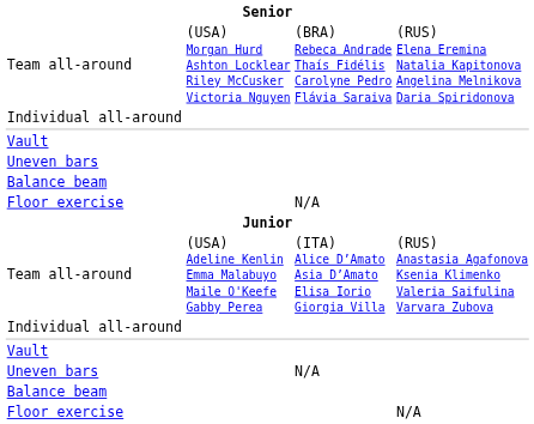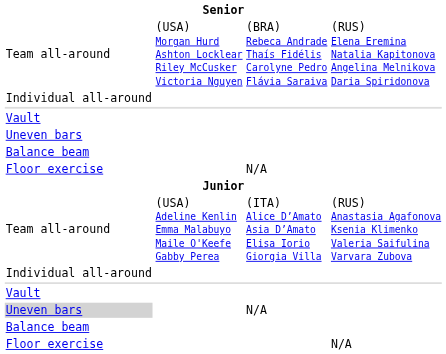 <table>
 <tr>
 <th colspan="4">Senior</th>
 </tr>
 <tr>
 <td>Team all-around</td>
 <td> (USA) <br><small><a href='#'>Morgan Hurd</a><br><a href='#'>Ashton Locklear</a><br><a href='#'>Riley McCusker</a><br><a href='#'>Victoria Nguyen</a></small></td>
 <td> (BRA) <br><small><a href='#'>Rebeca Andrade</a><br><a href='#'>Thaís Fidélis</a><br><a href='#'>Carolyne Pedro</a><br><a href='#'>Flávia Saraiva</a></small></td>
 <td> (RUS) <br><small><a href='#'>Elena Eremina</a><br><a href='#'>Natalia Kapitonova</a><br><a href='#'>Angelina Melnikova</a><br><a href='#'>Daria Spiridonova</a></small></td>
 </tr>
 <tr>
 <td>Individual all-around</td>
 <td></td>
 <td></td>
 <td></td>
 </tr>
 <tr bgcolor=#DDDDDD>
 <td colspan=7></td>
 </tr>
 <tr>
 <td><a href='#'>Vault</a></td>
 <td></td>
 <td></td>
 <td></td>
 </tr>
 <tr>
 <td><a href='#'>Uneven bars</a></td>
 <td></td>
 <td></td>
 <td></td>
 </tr>
 <tr>
 <td><a href='#'>Balance beam</a></td>
 <td></td>
 <td></td>
 <td></td>
 </tr>
 <tr>
 <td><a href='#'>Floor exercise</a></td>
 <td><br></td>
 <td>N/A</td>
 <td></td>
 </tr>
 <tr>
 <th colspan="4">Junior</th>
 </tr>
 <tr>
 <td>Team all-around</td>
 <td> (USA) <br><small><a href='#'>Adeline Kenlin</a><br><a href='#'>Emma Malabuyo</a><br><a href='#'>Maile O'Keefe</a><br><a href='#'>Gabby Perea</a></small></td>
 <td> (ITA) <br><small><a href='#'>Alice D’Amato</a><br><a href='#'>Asia D’Amato</a><br><a href='#'>Elisa Iorio</a><br><a href='#'>Giorgia Villa</a></small></td>
 <td> (RUS) <br><small><a href='#'>Anastasia Agafonova</a><br><a href='#'>Ksenia Klimenko</a><br><a href='#'>Valeria Saifulina</a><br><a href='#'>Varvara Zubova</a></small></td>
 </tr>
 <tr>
 <td>Individual all-around</td>
 <td></td>
 <td></td>
 <td></td>
 </tr>
 <tr bgcolor=#DDDDDD>
 <td colspan=7></td>
 </tr>
 <tr>
 <td><a href='#'>Vault</a></td>
 <td></td>
 <td></td>
 <td></td>
 </tr>
 <tr>
-<td><a href='#'>Uneven bars</a></td>
+<td style="background: lightgrey;"><a href='#'>Uneven bars</a></td>
 <td><br></td>
 <td>N/A</td>
 <td></td>
 </tr>
 <tr>
 <td><a href='#'>Balance beam</a></td>
 <td></td>
 <td></td>
 <td></td>
 </tr>
 <tr>
 <td><a href='#'>Floor exercise</a></td>
 <td></td>
 <td> <br> </td>
 <td>N/A</td>
 </tr>
 </table>
